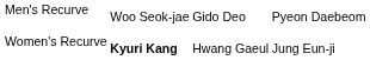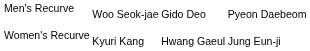 <table>
 <tr>
 <td>Men's Recurve</td>
 <td><br>Woo Seok-jae</td>
 <td><br>Gido Deo</td>
 <td><br>Pyeon Daebeom</td>
 </tr>
 <tr>
 <td>Women's Recurve</td>
-<td><strong><br>Kyuri Kang</strong></td>
+<td><br>Kyuri Kang</td>
 <td><br>Hwang Gaeul</td>
 <td><br>Jung Eun-ji</td>
 </tr>
 </table>
